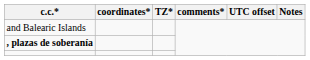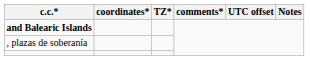 <table class="wikitable sortable">
 <tr>
 <th>c.c.*</th>
 <th>coordinates*</th>
 <th>TZ*</th>
 <th>comments*</th>
 <th>UTC offset</th>
 <th>Notes</th>
 </tr>
 <tr --->
-<td> and Balearic Islands</td>
+<td><strong> and Balearic Islands</strong></td>
 <td></td>
 <td></td>
 </tr>
 <tr --->
-<td><strong>, plazas de soberanía</strong></td>
+<td>, plazas de soberanía</td>
 <td></td>
 <td></td>
 </tr>
 <tr --->
 <td></td>
 <td></td>
 <td></td>
 </tr>
 </table>
